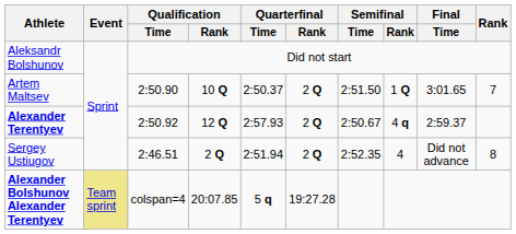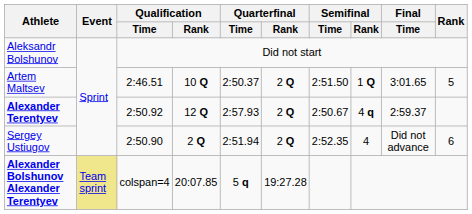 <table class=wikitable style="text-align:center; font-size:90%">
 <tr>
 <th rowspan=2>Athlete</th>
 <th rowspan=2>Event</th>
 <th colspan=2>Qualification</th>
 <th colspan=2>Quarterfinal</th>
 <th colspan=2>Semifinal</th>
 <th>Final</th>
 <th rowspan=2>Rank</th>
 </tr>
 <tr style="font-size: 95%">
 <th>Time</th>
 <th>Rank</th>
 <th>Time</th>
 <th>Rank</th>
 <th>Time</th>
 <th>Rank</th>
 <th>Time</th>
 </tr>
 <tr>
 <td align=left><a href='#'>Aleksandr Bolshunov</a></td>
 <td align=left rowspan=4><a href='#'>Sprint</a></td>
 <td colspan=8>Did not start</td>
 </tr>
 <tr>
 <td align=left><a href='#'>Artem Maltsev</a></td>
-<td>2:50.90</td>
+<td>2:46.51</td>
 <td>10 <strong>Q</strong></td>
 <td>2:50.37</td>
 <td>2 <strong>Q</strong></td>
 <td>2:51.50</td>
 <td>1 <strong>Q</strong></td>
 <td>3:01.65</td>
-<td>7</td>
+<td>5</td>
 </tr>
 <tr>
 <td align=left><strong><a href='#'>Alexander Terentyev</a></strong></td>
 <td>2:50.92</td>
 <td>12 <strong>Q</strong></td>
 <td>2:57.93</td>
 <td>2 <strong>Q</strong></td>
 <td>2:50.67</td>
 <td>4 <strong>q</strong></td>
 <td>2:59.37</td>
 <td></td>
 </tr>
 <tr>
 <td align=left><a href='#'>Sergey Ustiugov</a></td>
-<td>2:46.51</td>
+<td>2:50.90</td>
 <td>2 <strong>Q</strong></td>
 <td>2:51.94</td>
 <td>2 <strong>Q</strong></td>
 <td>2:52.35</td>
 <td>4</td>
 <td>Did not advance</td>
-<td>8</td>
+<td>6</td>
 </tr>
 <tr>
 <td align=left><strong><a href='#'>Alexander Bolshunov</a><br><a href='#'>Alexander Terentyev</a></strong></td>
 <td align=left style="background: khaki;"><a href='#'>Team sprint</a></td>
 <td>colspan=4 </td>
 <td>20:07.85</td>
 <td>5 <strong>q</strong></td>
 <td>19:27.28</td>
 <td></td>
 </tr>
 </table>
